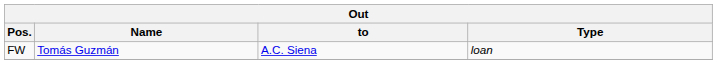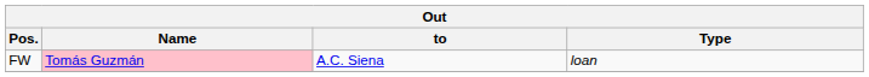 <table class="wikitable" style="font-size:90%;width:99%;">
 <tr>
 <th colspan="4">Out</th>
 </tr>
 <tr>
 <th width=3%>Pos.</th>
 <th width=32%>Name</th>
 <th width=30%>to</th>
 <th width=35%>Type</th>
 </tr>
 <tr>
 <td>FW</td>
-<td><a href='#'>Tomás Guzmán</a></td>
+<td style="background: pink;"><a href='#'>Tomás Guzmán</a></td>
 <td><a href='#'>A.C. Siena</a></td>
 <td><em>loan</em></td>
 </tr>
 <tr>
 </tr>
 </table>
